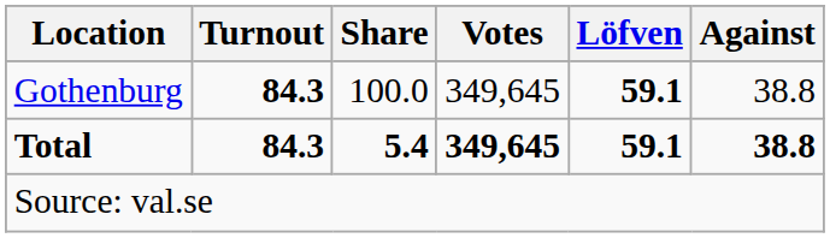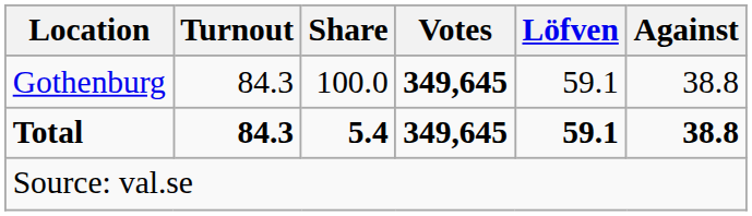 <table class="wikitable sortable" style=text-align:right>
 <tr>
 <th>Location</th>
 <th>Turnout</th>
 <th>Share</th>
 <th>Votes</th>
 <th><a href='#'>Löfven</a></th>
 <th>Against</th>
 </tr>
 <tr>
 <td align=left><a href='#'>Gothenburg</a></td>
-<td><strong>84.3</strong></td>
+<td>84.3</td>
 <td>100.0</td>
-<td>349,645</td>
-<td><strong>59.1</strong></td>
+<td><strong>349,645</strong></td>
+<td>59.1</td>
 <td>38.8</td>
 </tr>
 <tr>
 <td align=left><strong>Total</strong></td>
 <td><strong>84.3</strong></td>
 <td><strong>5.4</strong></td>
 <td><strong>349,645</strong></td>
 <td><strong>59.1</strong></td>
 <td><strong>38.8</strong></td>
 </tr>
 <tr>
 <td align=left colspan=6>Source: val.se</td>
 </tr>
 </table>
